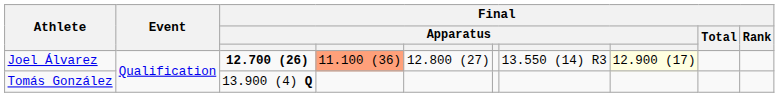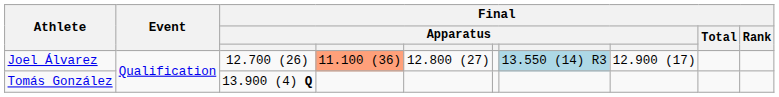 <table class="wikitable" style="font-size:90%">
 <tr>
 <th rowspan=3>Athlete</th>
 <th rowspan=3>Event</th>
 <th colspan=8>Final</th>
 </tr>
 <tr style="font-size:95%">
 <th colspan=6>Apparatus</th>
 <th rowspan=2>Total</th>
 <th rowspan=2>Rank</th>
 </tr>
 <tr style="font-size:95%">
 <th></th>
 <th></th>
 <th></th>
 <th></th>
 <th></th>
 <th></th>
 </tr>
 <tr align=center>
 <td align=left><a href='#'>Joel Álvarez</a></td>
 <td style="text-align:left;" rowspan="2"><a href='#'>Qualification</a></td>
-<td><strong>12.700 (26)</strong></td>
+<td>12.700 (26)</td>
 <td style="background: lightsalmon;">11.100 (36)</td>
 <td>12.800 (27)</td>
 <td></td>
-<td>13.550 (14) R3</td>
-<td style="background: lightyellow;">12.900 (17)</td>
+<td style="background: lightblue;">13.550 (14) R3</td>
+<td>12.900 (17)</td>
 <td></td>
 <td></td>
 </tr>
 <tr align=center>
 <td align=left><a href='#'>Tomás González</a></td>
 <td>13.900 (4) <strong>Q</strong></td>
 <td></td>
 <td></td>
 <td></td>
 <td></td>
 <td></td>
 <td></td>
 <td></td>
 </tr>
 </table>
